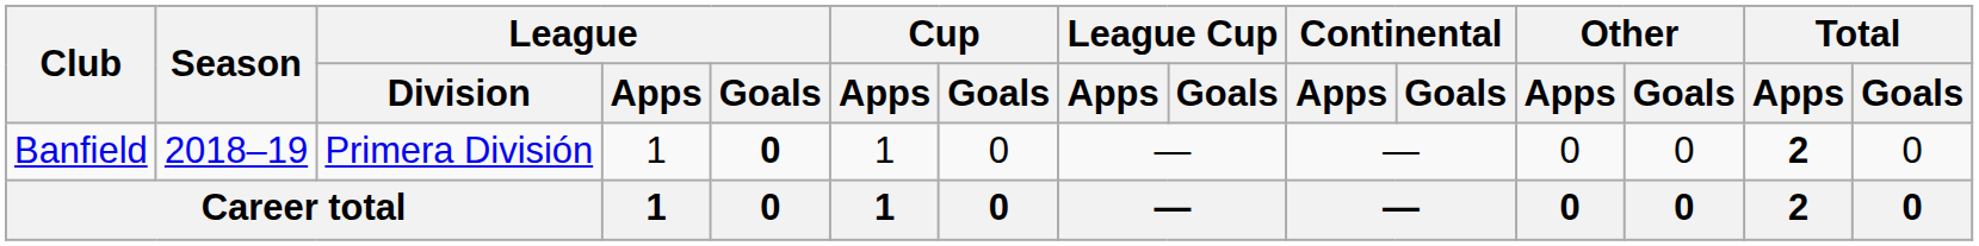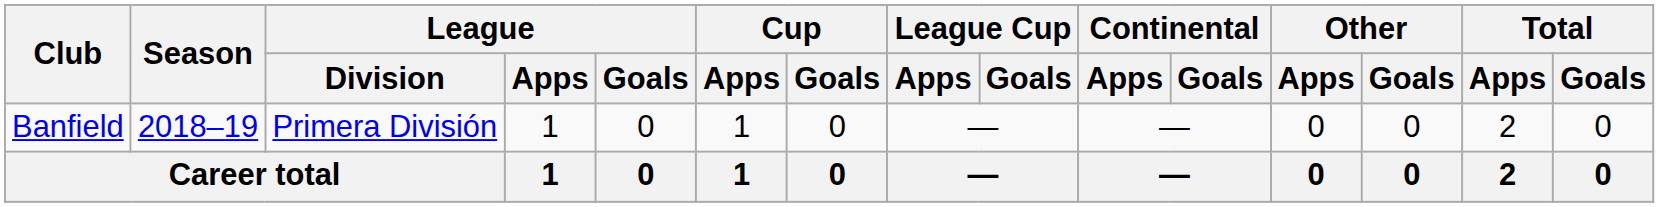 <table class="wikitable" style="text-align:center">
 <tr>
 <th rowspan="2">Club</th>
 <th rowspan="2">Season</th>
 <th colspan="3">League</th>
 <th colspan="2">Cup</th>
 <th colspan="2">League Cup</th>
 <th colspan="2">Continental</th>
 <th colspan="2">Other</th>
 <th colspan="2">Total</th>
 </tr>
 <tr>
 <th>Division</th>
 <th>Apps</th>
 <th>Goals</th>
 <th>Apps</th>
 <th>Goals</th>
 <th>Apps</th>
 <th>Goals</th>
 <th>Apps</th>
 <th>Goals</th>
 <th>Apps</th>
 <th>Goals</th>
 <th>Apps</th>
 <th>Goals</th>
 </tr>
 <tr>
 <td rowspan="1"><a href='#'>Banfield</a></td>
 <td><a href='#'>2018–19</a></td>
 <td rowspan="1"><a href='#'>Primera División</a></td>
 <td>1</td>
-<td><strong>0</strong></td>
+<td>0</td>
 <td>1</td>
 <td>0</td>
 <td colspan="2">—</td>
 <td colspan="2">—</td>
 <td>0</td>
 <td>0</td>
-<td><strong>2</strong></td>
+<td>2</td>
 <td>0</td>
 </tr>
 <tr>
 <th colspan="3">Career total</th>
 <th>1</th>
 <th>0</th>
 <th>1</th>
 <th>0</th>
 <th colspan="2">—</th>
 <th colspan="2">—</th>
 <th>0</th>
 <th>0</th>
 <th>2</th>
 <th>0</th>
 </tr>
 </table>
